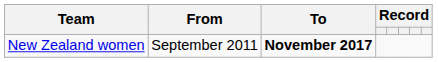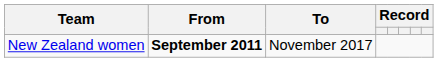 <table class=wikitable style=text-align:center>
 <tr>
 <th rowspan=2>Team</th>
 <th rowspan=2>From</th>
 <th rowspan=2>To</th>
 <th colspan=5>Record</th>
 </tr>
 <tr>
 <th></th>
 <th></th>
 <th></th>
 <th></th>
 <th></th>
 </tr>
 <tr>
 <td style=text-align:left> <a href='#'>New Zealand women</a></td>
-<td style=text-align:left>September 2011</td>
-<td style=text-align:left><strong>November 2017<br></strong></td>
+<td style=text-align:left><strong>September 2011</strong></td>
+<td style=text-align:left>November 2017<br></td>
 </tr>
 </table>
